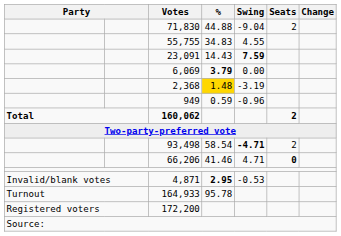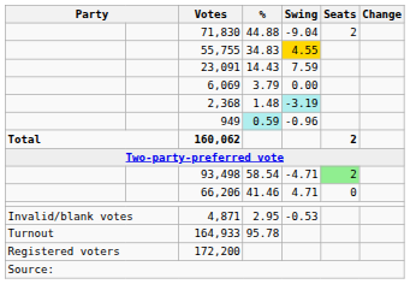 <table class="wikitable">
 <tr>
 <th style="width:200px" colspan=2><strong>Party</strong></th>
 <th style="width:70px; text-align:center;"><strong>Votes</strong></th>
 <th style="width:40px; text-align:center;"><strong>%</strong></th>
 <th style="width:40px; text-align:center;"><strong>Swing</strong></th>
 <th style="width:40px; text-align:center;"><strong>Seats</strong></th>
 <th style="width:40px; text-align:center;"><strong>Change</strong></th>
 </tr>
 <tr>
 <td> </td>
 <td></td>
 <td align=right>71,830</td>
 <td align=right>44.88</td>
 <td align=right>-9.04</td>
 <td align=right>2</td>
 <td align=right></td>
 </tr>
 <tr>
 <td> </td>
 <td></td>
 <td align=right>55,755</td>
 <td align=right>34.83</td>
-<td align=right>4.55</td>
+<td align=right style="background: gold;">4.55</td>
 <td align=right></td>
 <td align=right></td>
 </tr>
 <tr>
 <td> </td>
 <td></td>
 <td align=right>23,091</td>
 <td align=right>14.43</td>
-<td align=right><strong>7.59</strong></td>
+<td align=right>7.59</td>
 <td align=right></td>
 <td align=right></td>
 </tr>
 <tr>
 <td> </td>
 <td></td>
 <td align=right>6,069</td>
-<td align=right><strong>3.79</strong></td>
+<td align=right>3.79</td>
 <td align=right>0.00</td>
 <td align=right></td>
 <td align=right></td>
 </tr>
 <tr>
 <td> </td>
 <td></td>
 <td align=right>2,368</td>
-<td align=right style="background: gold;">1.48</td>
-<td align=right>-3.19</td>
+<td align=right>1.48</td>
+<td align=right style="background: paleturquoise;">-3.19</td>
 <td align=right></td>
 <td align=right></td>
 </tr>
 <tr>
 <td> </td>
 <td></td>
 <td align=right>949</td>
-<td align=right>0.59</td>
+<td align=right style="background: paleturquoise;">0.59</td>
 <td align=right>-0.96</td>
 <td align=right></td>
 <td align=right></td>
 </tr>
 <tr>
 <td colspan=2 align="left"><strong>Total</strong></td>
 <td align=right><strong>160,062</strong></td>
 <td align=right></td>
 <td align=right></td>
 <td align=right><strong>2</strong></td>
 <td align=right></td>
 </tr>
 <tr>
 <td colspan=7 style="text-align:center; background:#eee;"><strong><a href='#'>Two-party-preferred vote</a></strong></td>
 </tr>
 <tr>
 <td> </td>
 <td></td>
 <td align=right>93,498</td>
 <td align=right>58.54</td>
-<td align=right><strong>-4.71</strong></td>
-<td align=right>2</td>
+<td align=right>-4.71</td>
+<td align=right style="background: lightgreen;">2</td>
 <td align=right></td>
 </tr>
 <tr>
 <td> </td>
 <td></td>
 <td align=right>66,206</td>
 <td align=right>41.46</td>
 <td align=right>4.71</td>
-<td align=right><strong>0</strong></td>
+<td align=right>0</td>
 <td align=right></td>
 </tr>
 <tr>
 <td colspan=7></td>
 </tr>
 <tr>
 <td colspan=2 style="text-align:left;">Invalid/blank votes</td>
 <td align=right>4,871</td>
-<td align=right><strong>2.95</strong></td>
+<td align=right>2.95</td>
 <td align=right>-0.53</td>
 <td></td>
 <td></td>
 </tr>
 <tr>
 <td colspan=2 style="text-align:left;">Turnout</td>
 <td align=right>164,933</td>
 <td align=right>95.78</td>
 <td></td>
 <td></td>
 <td></td>
 </tr>
 <tr>
 <td colspan=2 style="text-align:left;">Registered voters</td>
 <td align=right>172,200</td>
 <td></td>
 <td></td>
 <td></td>
 <td></td>
 </tr>
 <tr>
 <td colspan="7" align="left">Source: </td>
 </tr>
 </table>
